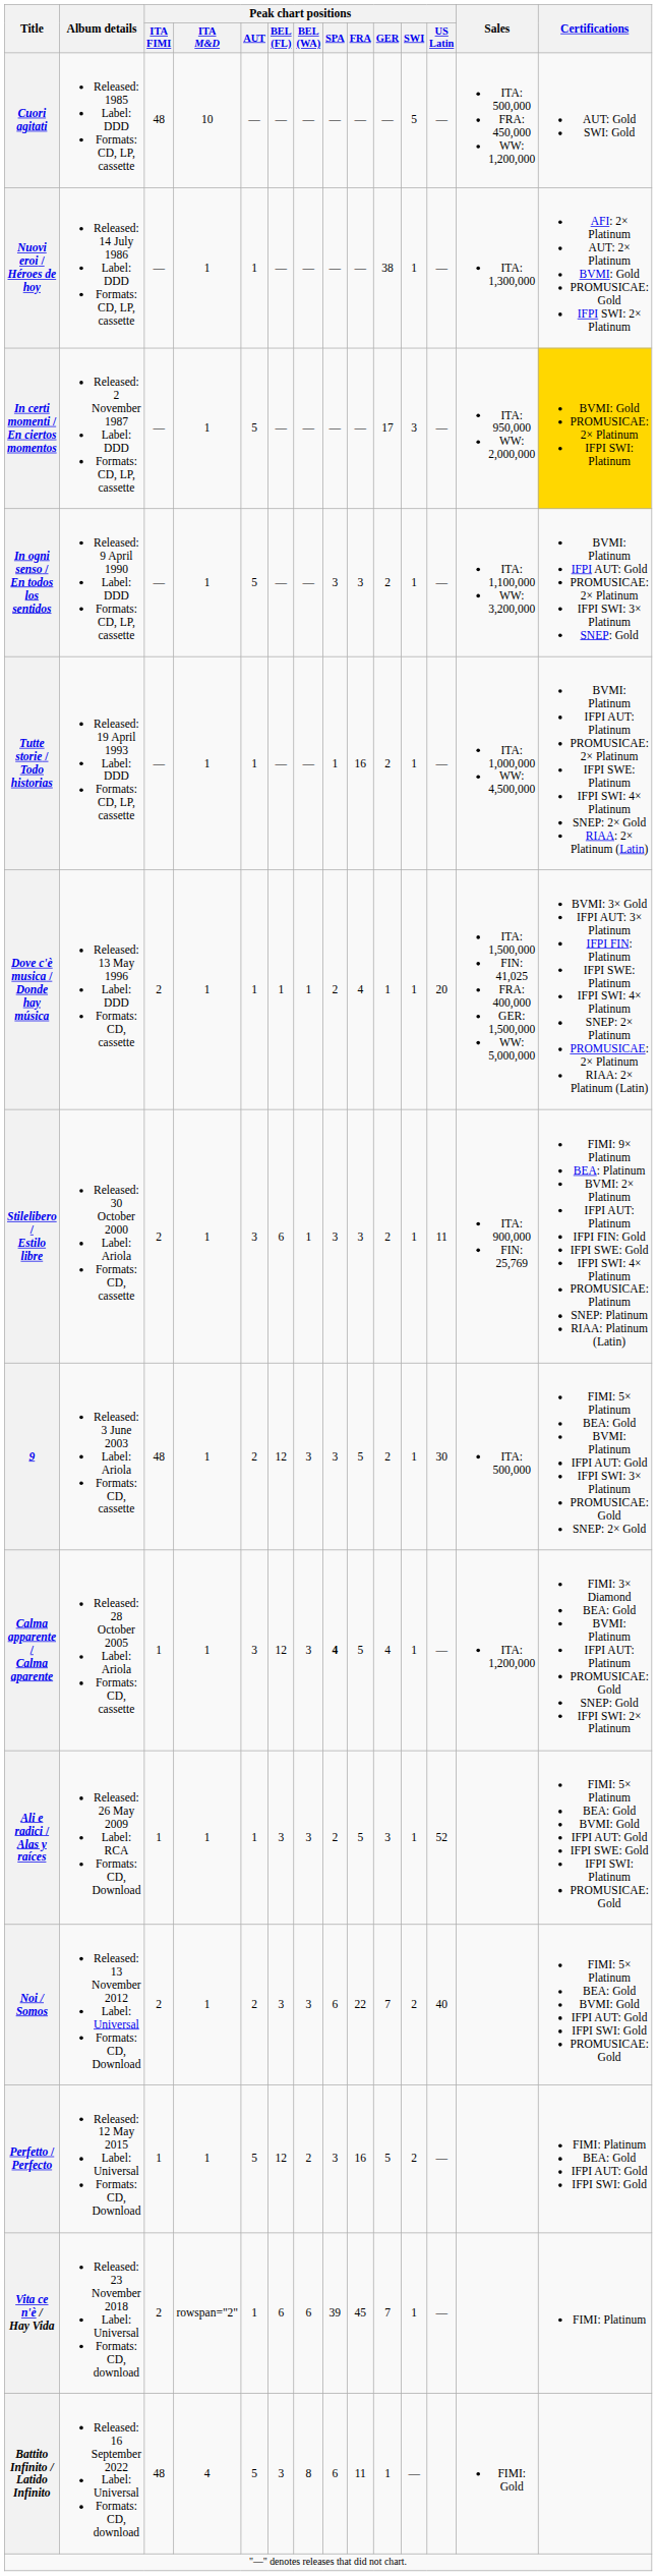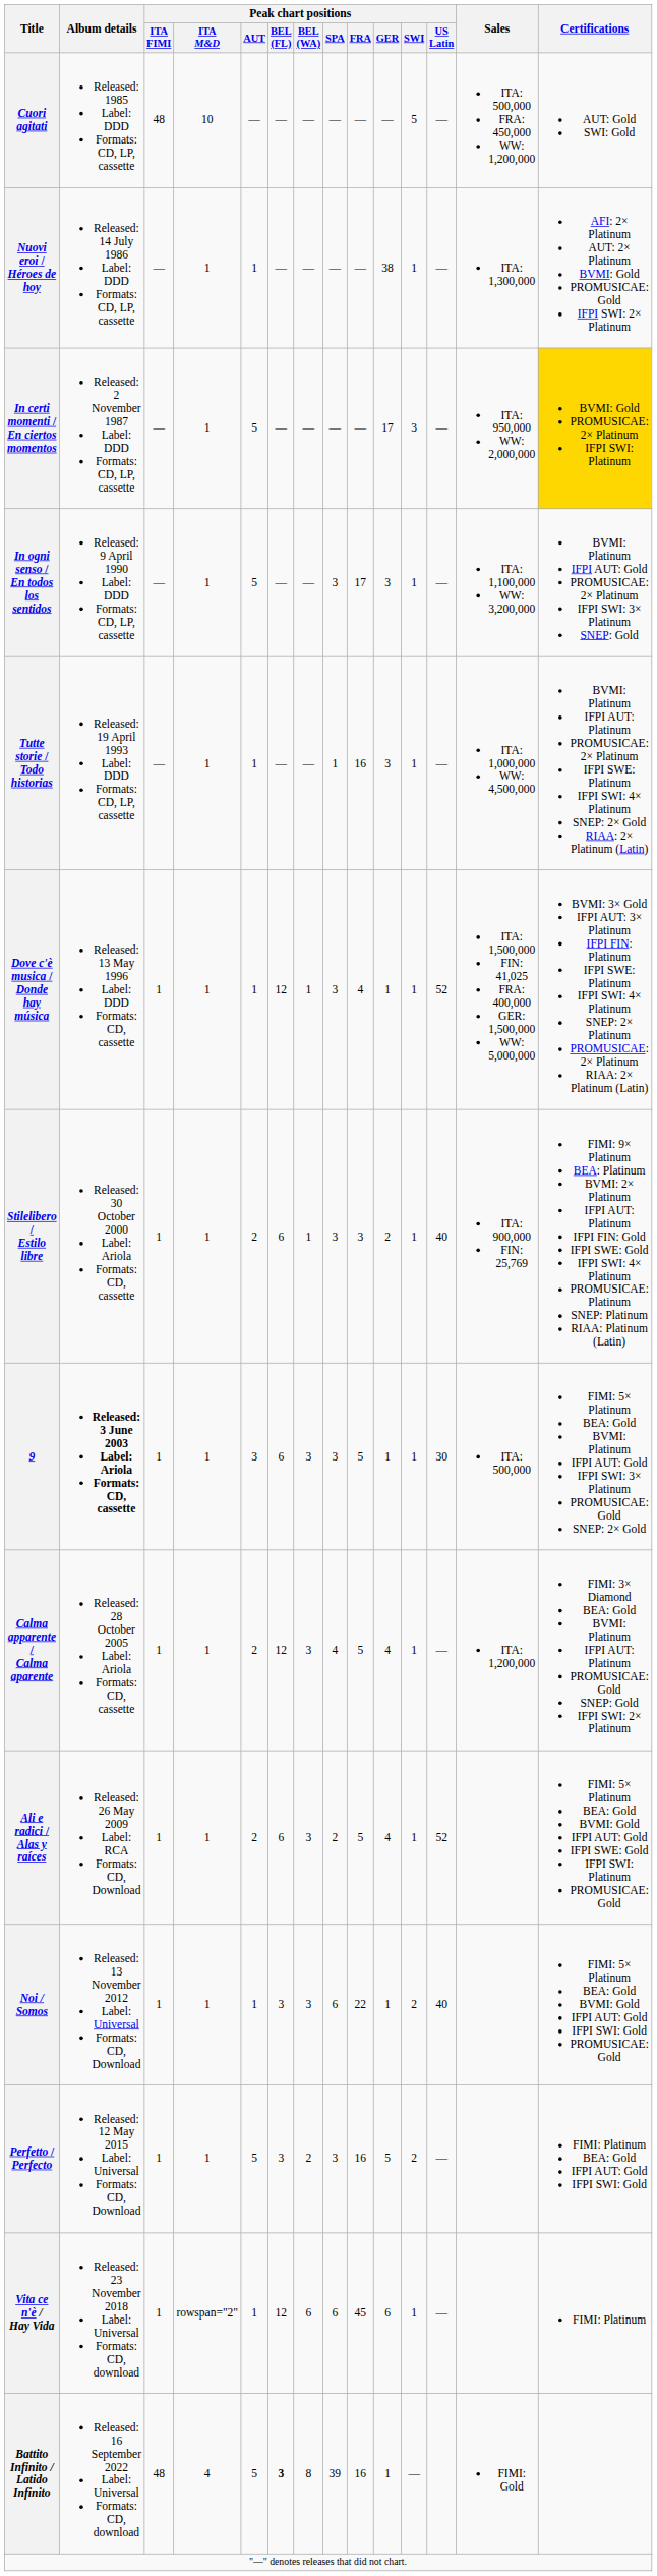 <table class="wikitable plainrowheaders" style="text-align:center;">
 <tr>
 <th scope="col" rowspan="2" style="width:12em;">Title</th>
 <th scope="col" rowspan="2" style="width:18em;">Album details</th>
 <th scope="col" colspan="10">Peak chart positions</th>
 <th scope="col" rowspan="2" style="width:12em;">Sales</th>
 <th scope="col" rowspan="2" style="width:14em;"><a href='#'>Certifications</a></th>
 </tr>
 <tr>
 <th scope="col" style="width:3em;font-size:90%;"><a href='#'>ITA<br>FIMI</a><br></th>
 <th scope="col" style="width:3em;font-size:90%;"><a href='#'>ITA<br><em>M&D</em></a><br></th>
 <th scope="col" style="width:3em;font-size:90%;"><a href='#'>AUT</a><br></th>
 <th scope="col" style="width:3em;font-size:90%;"><a href='#'>BEL<br>(FL)</a><br></th>
 <th scope="col" style="width:3em;font-size:90%;"><a href='#'>BEL<br>(WA)</a><br></th>
 <th scope="col" style="width:3em;font-size:90%;"><a href='#'>SPA</a><br></th>
 <th scope="col" style="width:3em;font-size:90%;"><a href='#'>FRA</a><br></th>
 <th scope="col" style="width:3em;font-size:90%;"><a href='#'>GER</a><br></th>
 <th scope="col" style="width:3em;font-size:90%;"><a href='#'>SWI</a><br></th>
 <th scope="col" style="width:3em;font-size:90%;"><a href='#'>US Latin</a><br></th>
 </tr>
 <tr>
 <th scope="row"><em><a href='#'>Cuori agitati</a></em></th>
 <td><br><ul><li>Released: 1985</li><li>Label: DDD</li><li>Formats: CD, LP, cassette</li></ul></td>
 <td>48</td>
 <td>10</td>
 <td>—</td>
 <td>—</td>
 <td>—</td>
 <td>—</td>
 <td>—</td>
 <td>—</td>
 <td>5</td>
 <td>—</td>
 <td><br><ul><li>ITA: 500,000</li><li>FRA: 450,000</li><li>WW: 1,200,000</li></ul></td>
 <td><br><ul><li>AUT: Gold</li><li>SWI: Gold</li></ul></td>
 </tr>
 <tr>
 <th scope="row"><a href='#'><em>Nuovi eroi</em> /<br> <em>Héroes de hoy</em></a></th>
 <td><br><ul><li>Released: 14 July 1986</li><li>Label: DDD</li><li>Formats: CD, LP, cassette</li></ul></td>
 <td>—</td>
 <td>1</td>
 <td>1</td>
 <td>—</td>
 <td>—</td>
 <td>—</td>
 <td>—</td>
 <td>38</td>
 <td>1</td>
 <td>—</td>
 <td><br><ul><li>ITA: 1,300,000</li></ul></td>
 <td><br><ul><li><a href='#'>AFI</a>: 2× Platinum</li><li>AUT: 2× Platinum</li><li><a href='#'>BVMI</a>: Gold</li><li>PROMUSICAE: Gold</li><li><a href='#'>IFPI</a> SWI: 2× Platinum</li></ul></td>
 </tr>
 <tr>
 <th scope="row"><a href='#'><em>In certi momenti</em> /<br> <em>En ciertos momentos</em></a></th>
 <td><br><ul><li>Released: 2 November 1987</li><li>Label: DDD</li><li>Formats: CD, LP, cassette</li></ul></td>
 <td>—</td>
 <td>1</td>
 <td>5</td>
 <td>—</td>
 <td>—</td>
 <td>—</td>
 <td>—</td>
 <td>17</td>
 <td>3</td>
 <td>—</td>
 <td><br><ul><li>ITA: 950,000</li><li>WW: 2,000,000</li></ul></td>
 <td style="background: gold;"><br><ul><li>BVMI: Gold</li><li>PROMUSICAE: 2× Platinum</li><li>IFPI SWI: Platinum</li></ul></td>
 </tr>
 <tr>
 <th scope="row"><a href='#'><em>In ogni senso</em> /<br> <em>En todos los sentidos</em></a></th>
 <td><br><ul><li>Released: 9 April 1990</li><li>Label: DDD</li><li>Formats: CD, LP, cassette</li></ul></td>
 <td>—</td>
 <td>1</td>
 <td>5</td>
 <td>—</td>
 <td>—</td>
 <td>3</td>
+<td>17</td>
 <td>3</td>
-<td>2</td>
 <td>1</td>
 <td>—</td>
 <td><br><ul><li>ITA: 1,100,000</li><li>WW: 3,200,000</li></ul></td>
 <td><br><ul><li>BVMI: Platinum</li><li><a href='#'>IFPI</a> AUT: Gold</li><li>PROMUSICAE: 2× Platinum</li><li>IFPI SWI: 3× Platinum</li><li><a href='#'>SNEP</a>: Gold</li></ul></td>
 </tr>
 <tr>
 <th scope="row"><a href='#'><em>Tutte storie</em> /<br> <em>Todo historias</em></a></th>
 <td><br><ul><li>Released: 19 April 1993</li><li>Label: DDD</li><li>Formats: CD, LP, cassette</li></ul></td>
 <td>—</td>
 <td>1</td>
 <td>1</td>
 <td>—</td>
 <td>—</td>
 <td>1</td>
 <td>16</td>
-<td>2</td>
+<td>3</td>
 <td>1</td>
 <td>—</td>
 <td><br><ul><li>ITA: 1,000,000</li><li>WW: 4,500,000</li></ul></td>
 <td><br><ul><li>BVMI: Platinum</li><li>IFPI AUT: Platinum</li><li>PROMUSICAE: 2× Platinum</li><li>IFPI SWE: Platinum</li><li>IFPI SWI: 4× Platinum</li><li>SNEP: 2× Gold</li><li><a href='#'>RIAA</a>: 2× Platinum (<a href='#'>Latin</a>)</li></ul></td>
 </tr>
 <tr>
 <th scope="row"><a href='#'><em>Dove c'è musica</em> /<br> <em>Donde hay música</em></a></th>
 <td><br><ul><li>Released: 13 May 1996</li><li>Label: DDD</li><li>Formats: CD, cassette</li></ul></td>
-<td>2</td>
 <td>1</td>
 <td>1</td>
 <td>1</td>
+<td>12</td>
 <td>1</td>
-<td>2</td>
+<td>3</td>
 <td>4</td>
 <td>1</td>
 <td>1</td>
-<td>20</td>
+<td>52</td>
 <td><br><ul><li>ITA: 1,500,000</li><li>FIN: 41,025</li><li>FRA: 400,000</li><li>GER: 1,500,000</li><li>WW: 5,000,000</li></ul></td>
 <td><br><ul><li>BVMI: 3× Gold</li><li>IFPI AUT: 3× Platinum</li><li><a href='#'>IFPI FIN</a>: Platinum</li><li>IFPI SWE: Platinum</li><li>IFPI SWI: 4× Platinum</li><li>SNEP: 2× Platinum</li><li><a href='#'>PROMUSICAE</a>: 2× Platinum</li><li>RIAA: 2× Platinum (Latin)</li></ul></td>
 </tr>
 <tr>
 <th scope="row"><a href='#'><em>Stilelibero</em> /<br> <em>Estilo libre</em></a></th>
 <td><br><ul><li>Released: 30 October 2000</li><li>Label: Ariola</li><li>Formats: CD, cassette</li></ul></td>
+<td>1</td>
+<td>1</td>
 <td>2</td>
-<td>1</td>
-<td>3</td>
 <td>6</td>
 <td>1</td>
 <td>3</td>
 <td>3</td>
 <td>2</td>
 <td>1</td>
-<td>11</td>
+<td>40</td>
 <td><br><ul><li>ITA: 900,000</li><li>FIN: 25,769</li></ul></td>
 <td><br><ul><li>FIMI: 9× Platinum</li><li><a href='#'>BEA</a>: Platinum</li><li>BVMI: 2× Platinum</li><li>IFPI AUT: Platinum</li><li>IFPI FIN: Gold</li><li>IFPI SWE: Gold</li><li>IFPI SWI: 4× Platinum</li><li>PROMUSICAE: Platinum</li><li>SNEP: Platinum</li><li>RIAA: Platinum (Latin)</li></ul></td>
 </tr>
 <tr>
 <th scope="row"><em><a href='#'>9</a></em></th>
-<td><br><ul><li>Released: 3 June 2003</li><li>Label: Ariola</li><li>Formats: CD, cassette</li></ul></td>
-<td>48</td>
+<td><strong><br><ul><li>Released: 3 June 2003</li><li>Label: Ariola</li><li>Formats: CD, cassette</li></ul></strong></td>
 <td>1</td>
-<td>2</td>
-<td>12</td>
+<td>1</td>
+<td>3</td>
+<td>6</td>
 <td>3</td>
 <td>3</td>
 <td>5</td>
-<td>2</td>
+<td>1</td>
 <td>1</td>
 <td>30</td>
 <td><br><ul><li>ITA: 500,000</li></ul></td>
 <td><br><ul><li>FIMI: 5× Platinum</li><li>BEA: Gold</li><li>BVMI: Platinum</li><li>IFPI AUT: Gold</li><li>IFPI SWI: 3× Platinum</li><li>PROMUSICAE: Gold</li><li>SNEP: 2× Gold</li></ul></td>
 </tr>
 <tr>
 <th scope="row"><a href='#'><em>Calma apparente</em> /<br> <em>Calma aparente</em></a></th>
 <td><br><ul><li>Released: 28 October 2005</li><li>Label: Ariola</li><li>Formats: CD, cassette</li></ul></td>
 <td>1</td>
 <td>1</td>
-<td>3</td>
+<td>2</td>
 <td>12</td>
 <td>3</td>
-<td><strong>4</strong></td>
+<td>4</td>
 <td>5</td>
 <td>4</td>
 <td>1</td>
 <td>—</td>
 <td><br><ul><li>ITA: 1,200,000</li></ul></td>
 <td><br><ul><li>FIMI: 3× Diamond</li><li>BEA: Gold</li><li>BVMI: Platinum</li><li>IFPI AUT: Platinum</li><li>PROMUSICAE: Gold</li><li>SNEP: Gold</li><li>IFPI SWI: 2× Platinum</li></ul></td>
 </tr>
 <tr>
 <th scope="row"><a href='#'><em>Ali e radici</em> /<br> <em>Alas y raíces</em></a></th>
 <td><br><ul><li>Released: 26 May 2009</li><li>Label: RCA</li><li>Formats: CD, Download</li></ul></td>
 <td>1</td>
 <td>1</td>
-<td>1</td>
-<td>3</td>
+<td>2</td>
+<td>6</td>
 <td>3</td>
 <td>2</td>
 <td>5</td>
-<td>3</td>
+<td>4</td>
 <td>1</td>
 <td>52</td>
 <td></td>
 <td><br><ul><li>FIMI: 5× Platinum</li><li>BEA: Gold</li><li>BVMI: Gold</li><li>IFPI AUT: Gold</li><li>IFPI SWE: Gold</li><li>IFPI SWI: Platinum</li><li>PROMUSICAE: Gold</li></ul></td>
 </tr>
 <tr>
 <th scope="row"><em><a href='#'>Noi /<br> Somos</a></em></th>
 <td><br><ul><li>Released: 13 November 2012</li><li>Label: <a href='#'>Universal</a></li><li>Formats: CD, Download</li></ul></td>
-<td>2</td>
 <td>1</td>
-<td>2</td>
+<td>1</td>
+<td>1</td>
 <td>3</td>
 <td>3</td>
 <td>6</td>
 <td>22</td>
-<td>7</td>
+<td>1</td>
 <td>2</td>
 <td>40</td>
 <td></td>
 <td><br><ul><li>FIMI: 5× Platinum</li><li>BEA: Gold</li><li>BVMI: Gold</li><li>IFPI AUT: Gold</li><li>IFPI SWI: Gold</li><li>PROMUSICAE: Gold</li></ul></td>
 </tr>
 <tr>
 <th scope="row"><a href='#'><em>Perfetto</em> / <em>Perfecto</em></a></th>
 <td><br><ul><li>Released: 12 May 2015</li><li>Label: Universal</li><li>Formats: CD, Download</li></ul></td>
 <td>1</td>
 <td>1</td>
 <td>5</td>
-<td>12</td>
+<td>3</td>
 <td>2</td>
 <td>3</td>
 <td>16</td>
 <td>5</td>
 <td>2</td>
 <td>—</td>
 <td></td>
 <td><br><ul><li>FIMI: Platinum</li><li>BEA: Gold</li><li>IFPI AUT: Gold</li><li>IFPI SWI: Gold</li></ul></td>
 </tr>
 <tr>
 <th scope="row"><em><a href='#'>Vita ce n'è</a> /<br> Hay Vida</em></th>
 <td><br><ul><li>Released: 23 November 2018</li><li>Label: Universal</li><li>Formats: CD, download</li></ul></td>
-<td>2</td>
+<td>1</td>
 <td>rowspan="2" </td>
 <td>1</td>
+<td>12</td>
 <td>6</td>
 <td>6</td>
-<td>39<br></td>
 <td>45</td>
-<td>7</td>
+<td>6</td>
 <td>1</td>
 <td>—</td>
 <td></td>
 <td><br><ul><li>FIMI: Platinum</li></ul></td>
 </tr>
 <tr>
 <th scope="row"><em>Battito Infinito / <br> Latido Infinito</em></th>
 <td><br><ul><li>Released: 16 September 2022</li><li>Label: Universal</li><li>Formats: CD, download</li></ul></td>
 <td>48</td>
 <td>4<br></td>
 <td>5</td>
-<td>3</td>
+<td><strong>3</strong></td>
 <td>8<br></td>
-<td>6</td>
-<td>11</td>
+<td>39<br></td>
+<td>16</td>
 <td>1</td>
 <td>—</td>
 <td></td>
 <td><br><ul><li>FIMI: Gold</li></ul></td>
 </tr>
 <tr>
 <td colspan="24" style="text-align:center; font-size:85%;">"—" denotes releases that did not chart.</td>
 </tr>
 </table>
